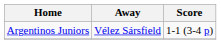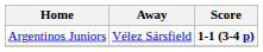 <table class="wikitable" style="text-align: center;">
 <tr>
 <th>Home</th>
 <th>Away</th>
 <th>Score</th>
 </tr>
 <tr>
 <td><a href='#'>Argentinos Juniors</a></td>
 <td><a href='#'>Vélez Sársfield</a></td>
-<td>1-1 (3-4 <a href='#'>p</a>)</td>
+<td><strong>1-1 (3-4 <a href='#'>p</a>)</strong></td>
 </tr>
 <tr>
 </tr>
 </table>
